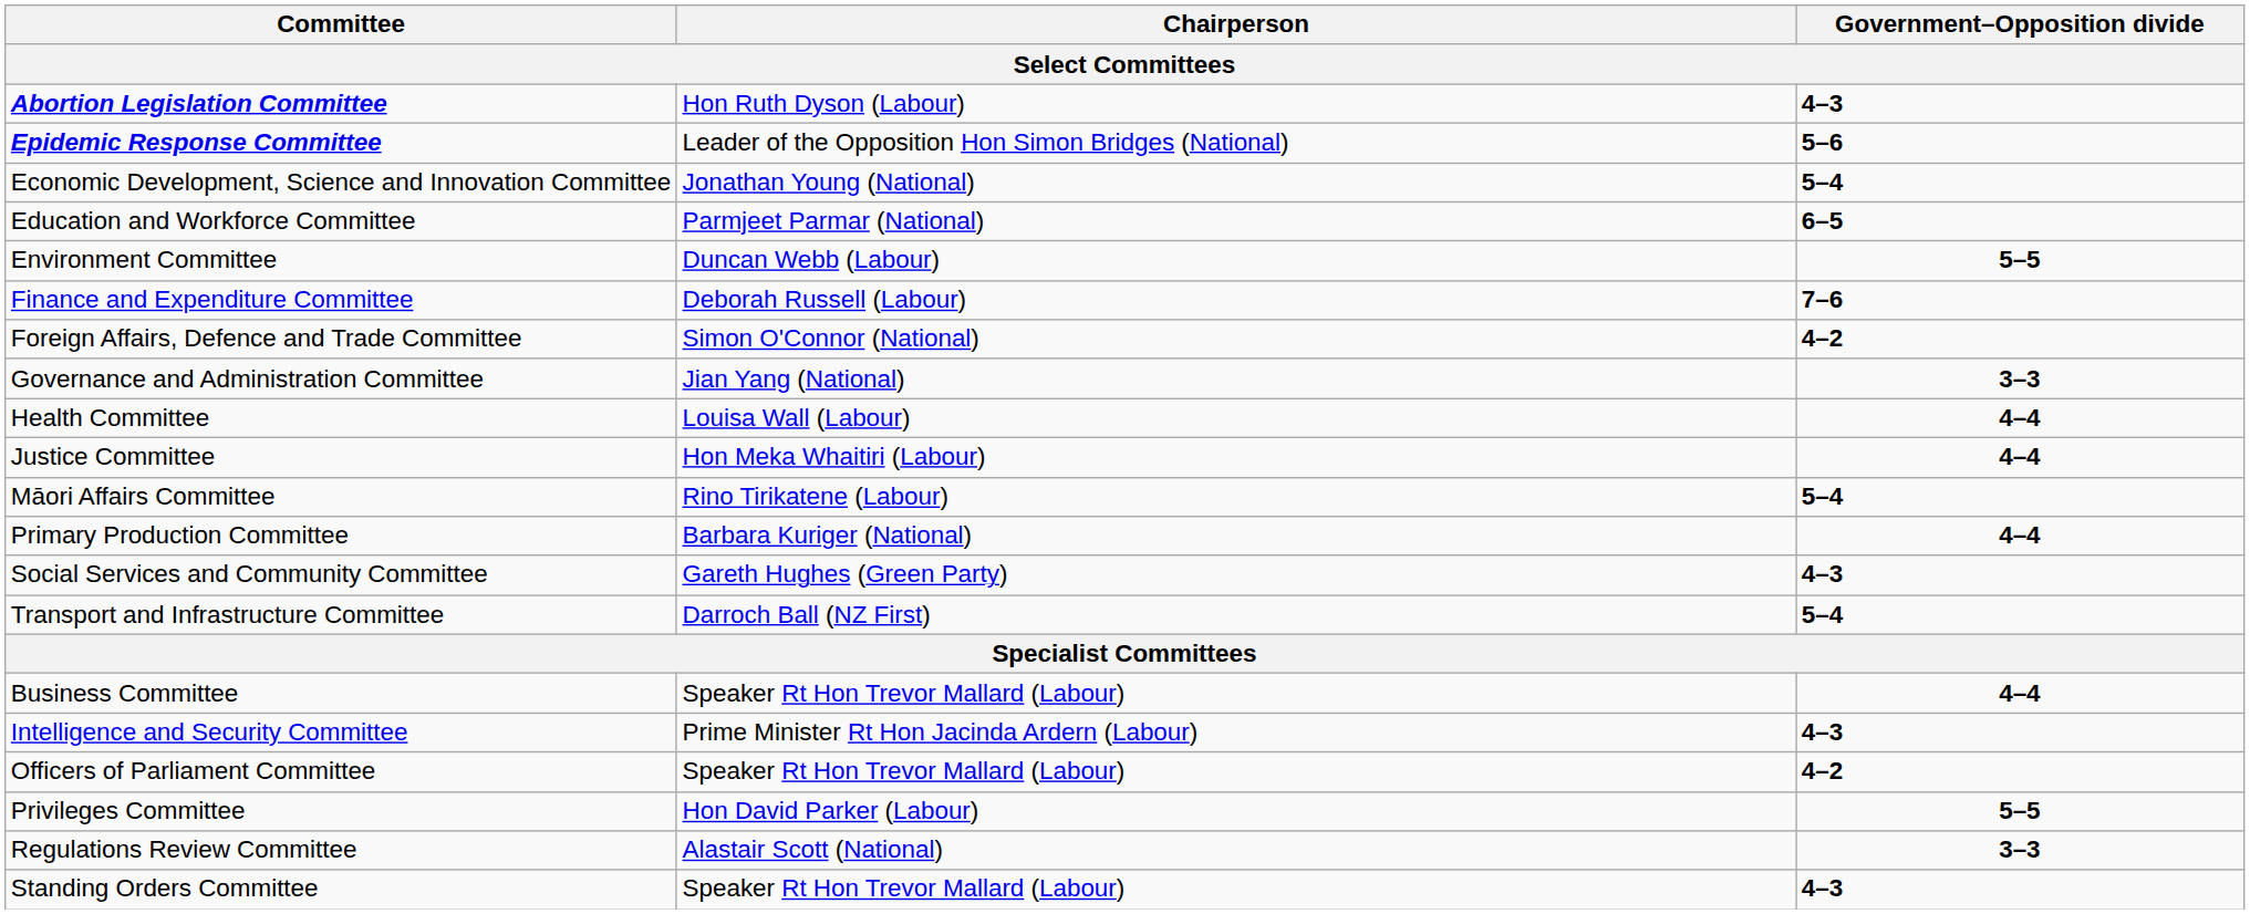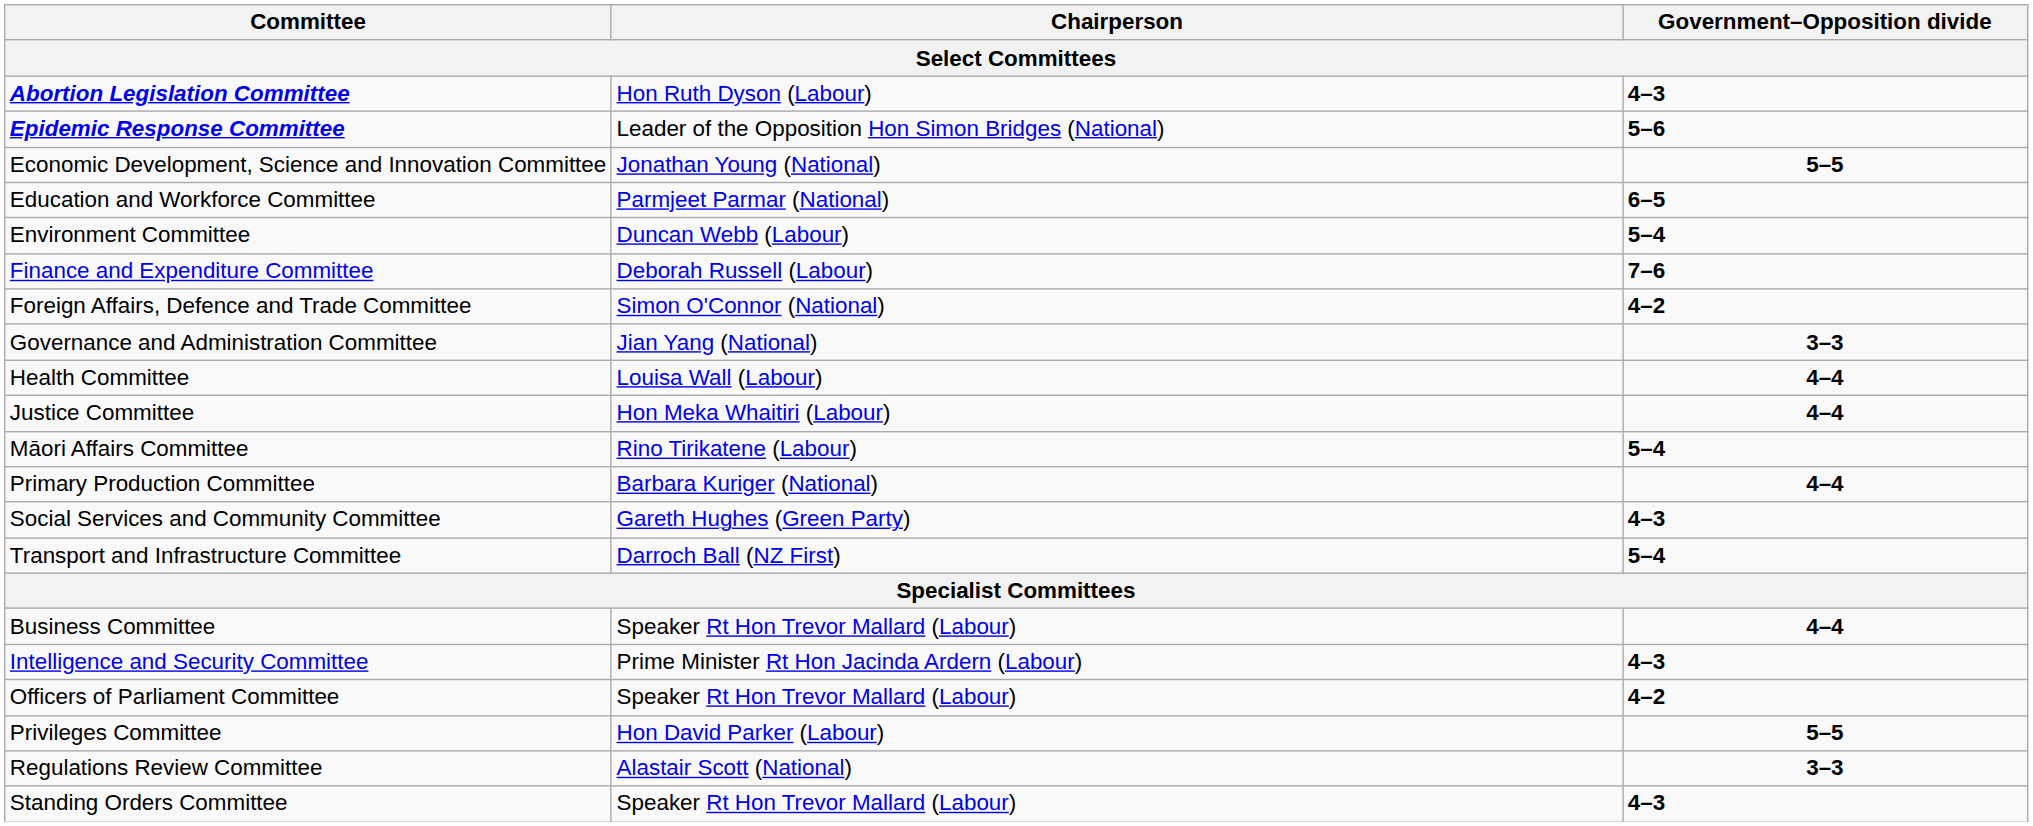 <table class="wikitable">
 <tr>
 <th style="width:30%;">Committee</th>
 <th>Chairperson</th>
 <th style="width:20%;">Government–Opposition divide</th>
 </tr>
 <tr>
 <th colspan="3">Select Committees</th>
 </tr>
 <tr id="Abortion Legislation Committee">
 <td><strong><em><a href='#'>Abortion Legislation Committee</a></em></strong></td>
 <td style="background:"><a href='#'>Hon Ruth Dyson</a> (<a href='#'>Labour</a>)</td>
 <td style="background:"><strong>4–3</strong></td>
 </tr>
 <tr id="Epidemic Response Committee">
 <td><strong><em><a href='#'>Epidemic Response Committee</a></em></strong></td>
 <td style="background:">Leader of the Opposition <a href='#'>Hon Simon Bridges</a> (<a href='#'>National</a>)</td>
 <td style="background:"><strong>5–6</strong></td>
 </tr>
 <tr id="Economic Development, Science and Innovation Committee">
 <td>Economic Development, Science and Innovation Committee</td>
 <td style="background:"><a href='#'>Jonathan Young</a> (<a href='#'>National</a>)</td>
-<td style="background:"><strong>5–4</strong></td>
+<td style="text-align:center;"><strong>5–5</strong></td>
 </tr>
 <tr id="Education and Workforce Committee">
 <td>Education and Workforce Committee</td>
 <td style="background:"><a href='#'>Parmjeet Parmar</a> (<a href='#'>National</a>)</td>
 <td style="background:"><strong>6–5</strong></td>
 </tr>
 <tr id="Environment Committee">
 <td>Environment Committee</td>
 <td style="background:"><a href='#'>Duncan Webb</a> (<a href='#'>Labour</a>)</td>
-<td style="text-align:center;"><strong>5–5</strong></td>
+<td style="background:"><strong>5–4</strong></td>
 </tr>
 <tr id="Finance and Expenditure Committee">
 <td><a href='#'>Finance and Expenditure Committee</a></td>
 <td style="background:"><a href='#'>Deborah Russell</a> (<a href='#'>Labour</a>)</td>
 <td style="background:"><strong>7–6</strong></td>
 </tr>
 <tr id="Foreign Affairs, Defence and Trade Committee">
 <td>Foreign Affairs, Defence and Trade Committee</td>
 <td style="background:"><a href='#'>Simon O'Connor</a> (<a href='#'>National</a>)</td>
 <td style="background:"><strong>4–2</strong></td>
 </tr>
 <tr id="Governance and Administration Committee">
 <td>Governance and Administration Committee</td>
 <td style="background:"><a href='#'>Jian Yang</a> (<a href='#'>National</a>)</td>
 <td style="text-align:center;"><strong>3–3</strong></td>
 </tr>
 <tr id="Health Committee">
 <td>Health Committee</td>
 <td style="background:"><a href='#'>Louisa Wall</a> (<a href='#'>Labour</a>)</td>
 <td style="text-align:center;"><strong>4–4</strong></td>
 </tr>
 <tr id="Justice Committee">
 <td>Justice Committee</td>
 <td style="background:"><a href='#'>Hon Meka Whaitiri</a> (<a href='#'>Labour</a>)</td>
 <td style="text-align:center;"><strong>4–4</strong></td>
 </tr>
 <tr id="Māori Affairs Committee">
 <td>Māori Affairs Committee</td>
 <td style="background:"><a href='#'>Rino Tirikatene</a> (<a href='#'>Labour</a>)</td>
 <td style="background:"><strong>5–4</strong></td>
 </tr>
 <tr id="Primary Production Committee">
 <td>Primary Production Committee</td>
 <td style="background:"><a href='#'>Barbara Kuriger</a> (<a href='#'>National</a>)</td>
 <td style="text-align:center;"><strong>4–4</strong></td>
 </tr>
 <tr id="Social Services and Community Committee">
 <td>Social Services and Community Committee</td>
 <td style="background:"><a href='#'>Gareth Hughes</a> (<a href='#'>Green Party</a>)</td>
 <td style="background:"><strong>4–3</strong></td>
 </tr>
 <tr id="Transport and Infrastructure Committee">
 <td>Transport and Infrastructure Committee</td>
 <td style="background:"><a href='#'>Darroch Ball</a> (<a href='#'>NZ First</a>)</td>
 <td style="background:"><strong>5–4</strong></td>
 </tr>
 <tr>
 <th colspan="3">Specialist Committees</th>
 </tr>
 <tr id="Business Committee">
 <td>Business Committee</td>
 <td style="background:">Speaker <a href='#'>Rt Hon Trevor Mallard</a> (<a href='#'>Labour</a>)</td>
 <td style="text-align:center;"><strong>4–4</strong></td>
 </tr>
 <tr id="Intelligence and Security Committee">
 <td><a href='#'>Intelligence and Security Committee</a></td>
 <td style="background:">Prime Minister <a href='#'>Rt Hon Jacinda Ardern</a> (<a href='#'>Labour</a>)</td>
 <td style="background:"><strong>4–3</strong></td>
 </tr>
 <tr id="Officers of Parliament Committee ">
 <td>Officers of Parliament Committee</td>
 <td style="background:">Speaker <a href='#'>Rt Hon Trevor Mallard</a> (<a href='#'>Labour</a>)</td>
 <td style="background:"><strong>4–2</strong></td>
 </tr>
 <tr id="Privileges Committee">
 <td>Privileges Committee</td>
 <td style="background:"><a href='#'>Hon David Parker</a> (<a href='#'>Labour</a>)</td>
 <td style="text-align:center;"><strong>5–5</strong></td>
 </tr>
 <tr id="Regulations Review Committee">
 <td>Regulations Review Committee</td>
 <td style="background:"><a href='#'>Alastair Scott</a> (<a href='#'>National</a>)</td>
 <td style="text-align:center;"><strong>3–3</strong></td>
 </tr>
 <tr id="Standing Orders Committee">
 <td>Standing Orders Committee</td>
 <td style="background:">Speaker <a href='#'>Rt Hon Trevor Mallard</a> (<a href='#'>Labour</a>)</td>
 <td style="background:"><strong>4–3</strong></td>
 </tr>
 </table>
